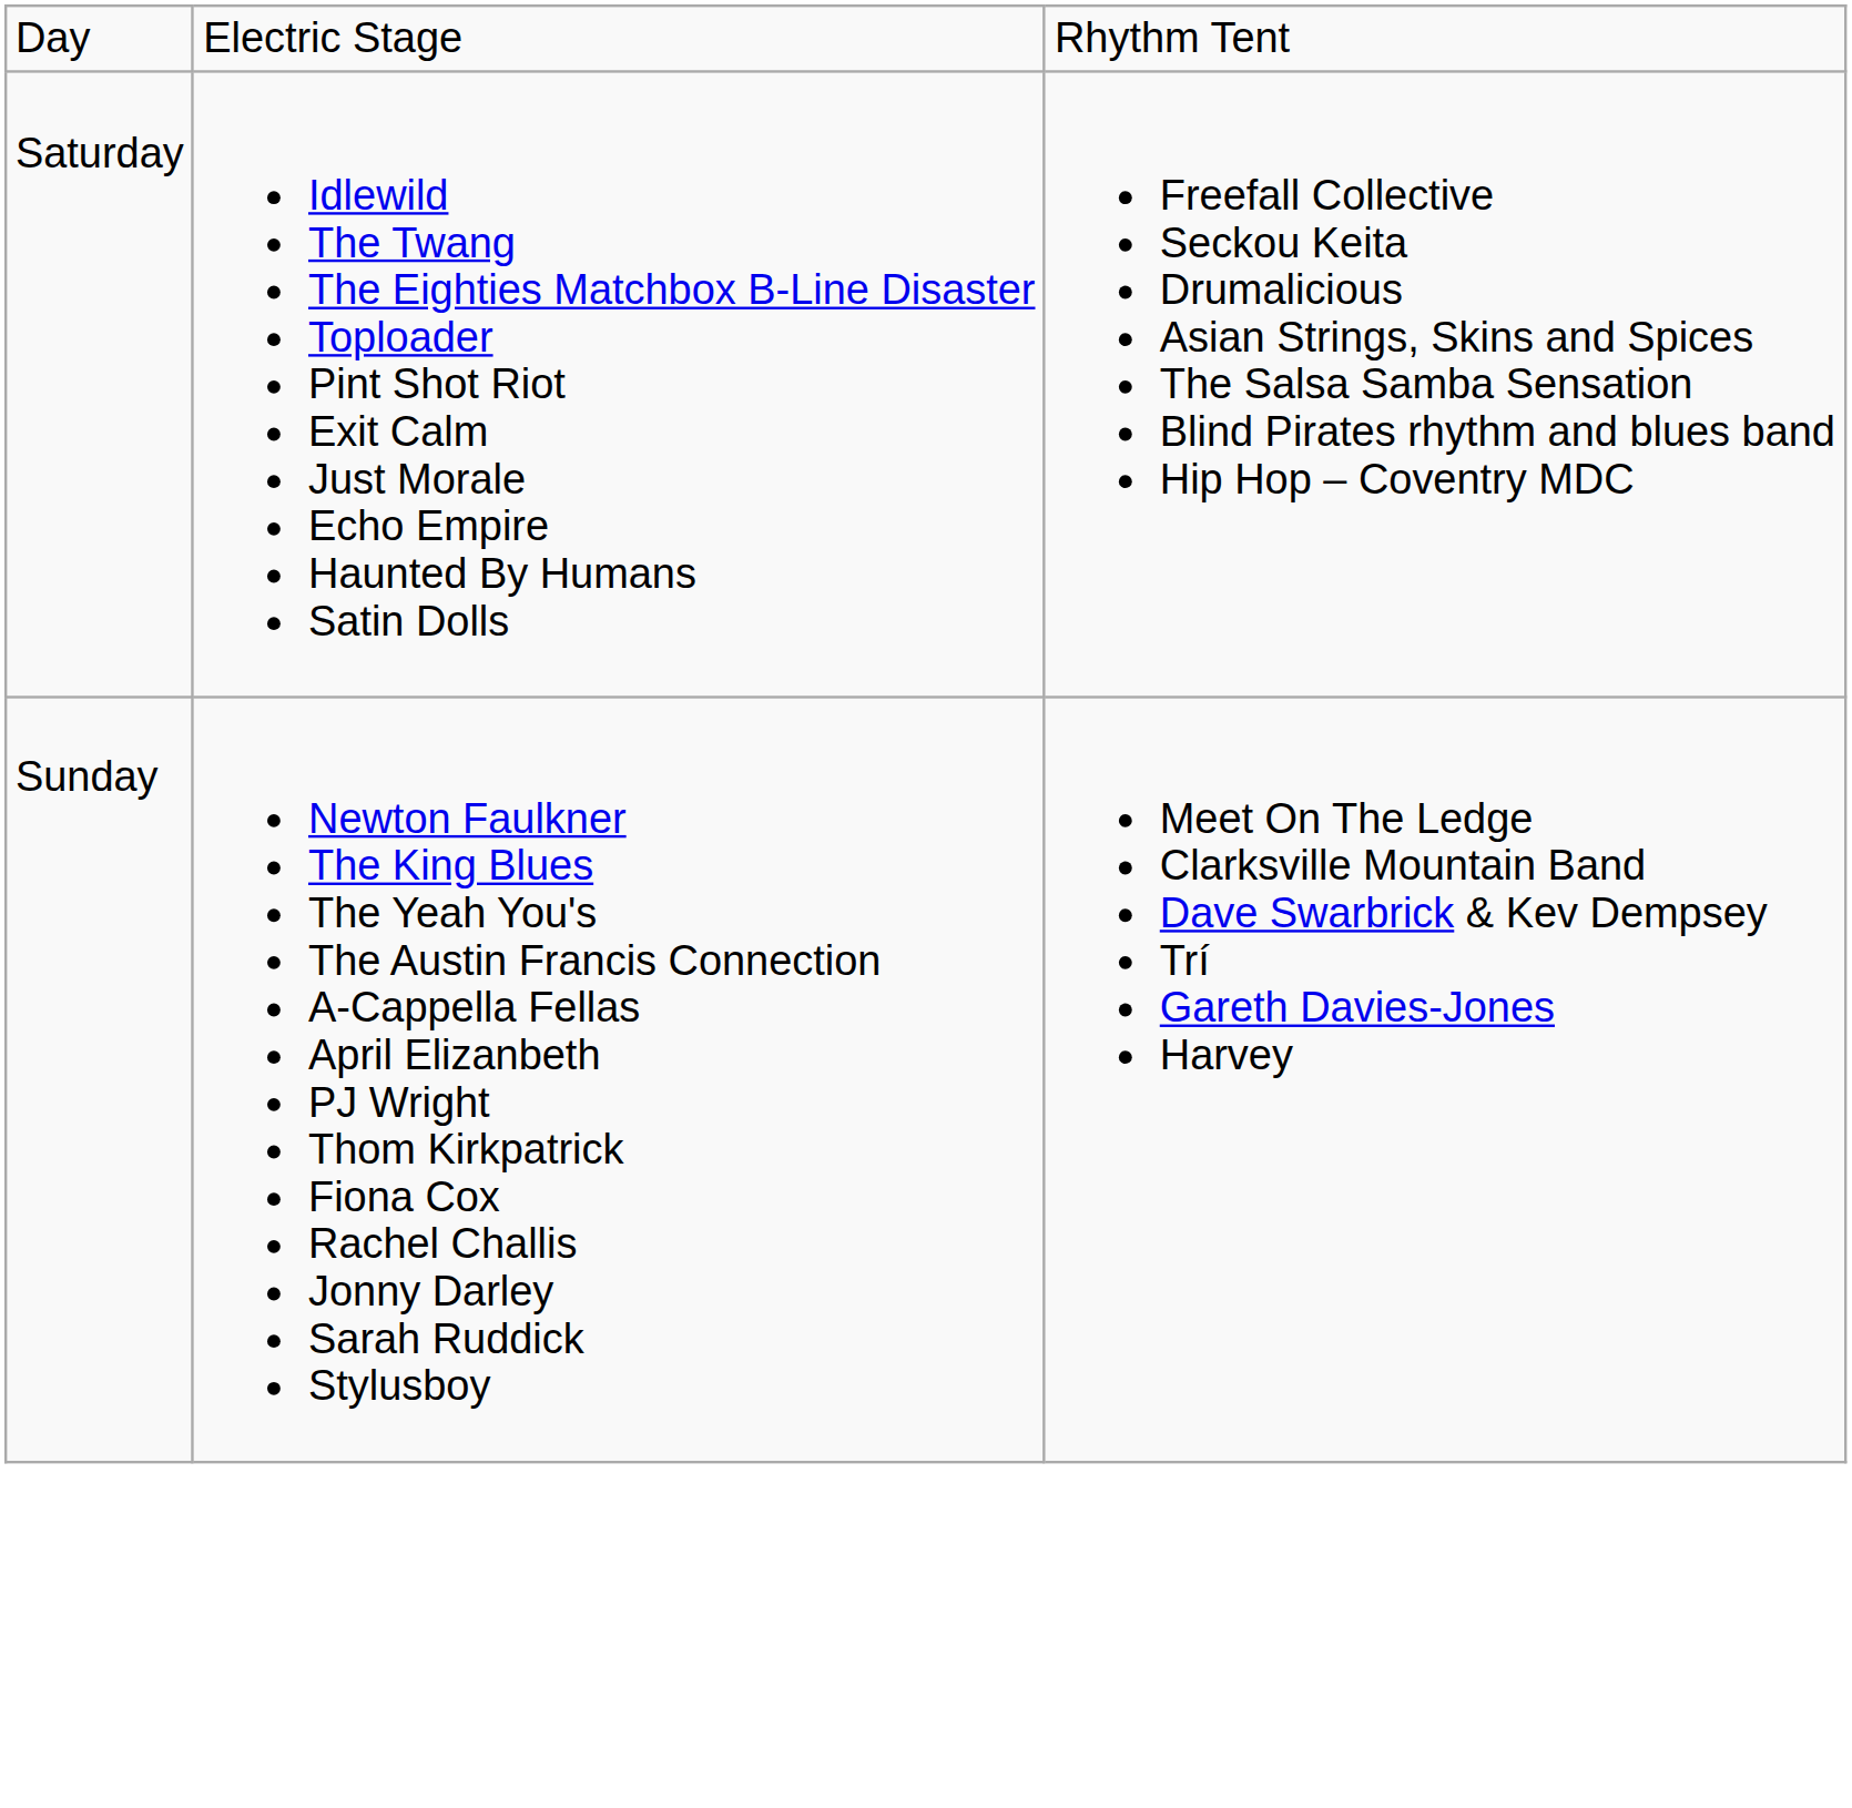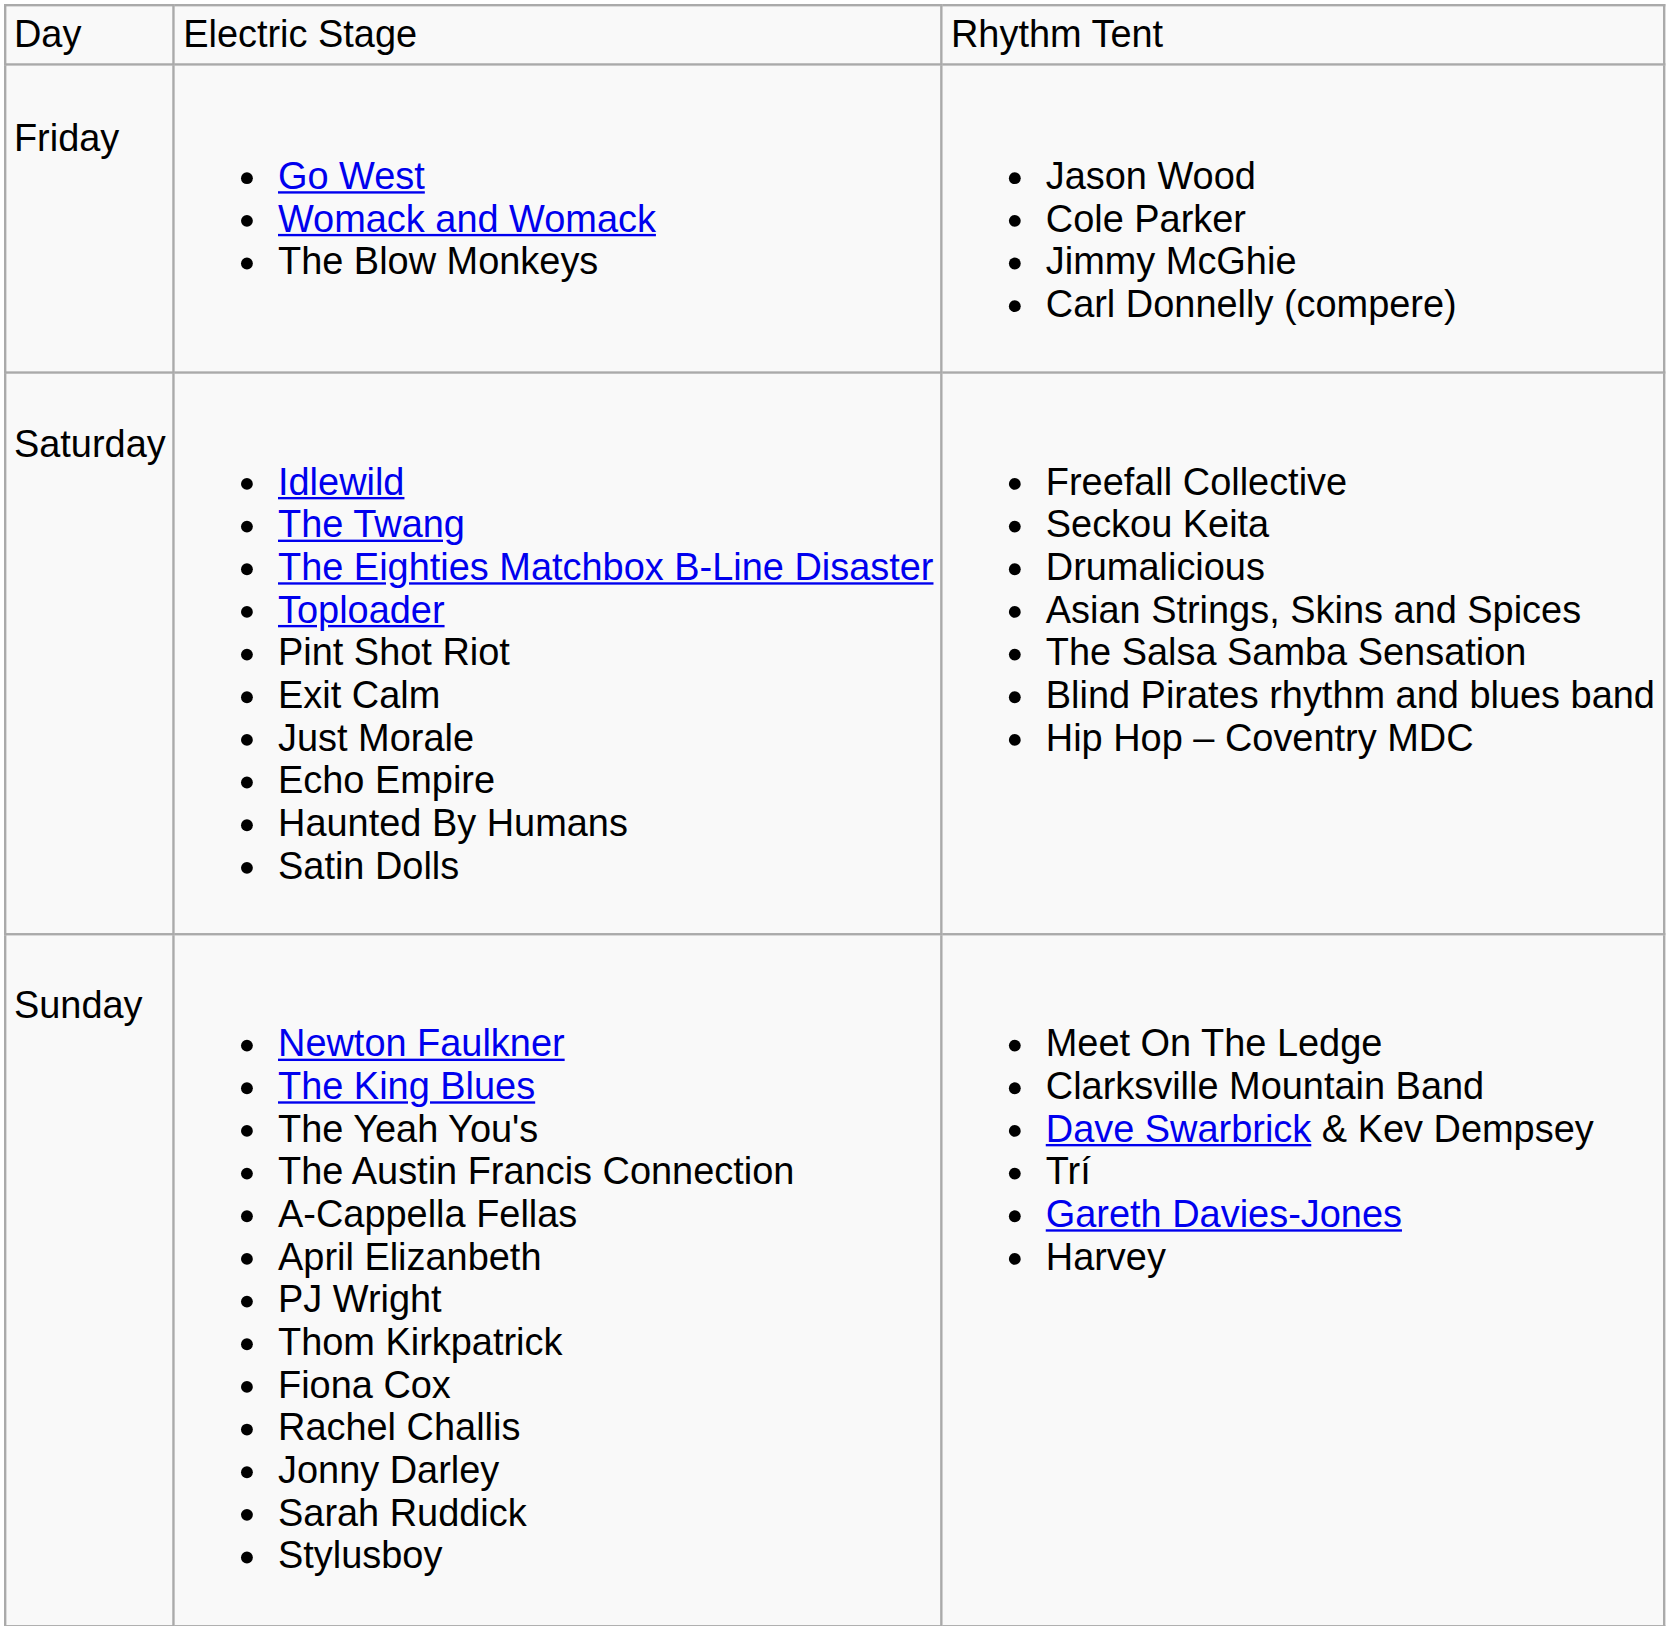 <table class="wikitable">
 <tr>
 <td>Day</td>
 <td>Electric Stage</td>
 <td>Rhythm Tent</td>
+</tr>
+<tr valign="top">
+<td><br>Friday</td>
+<td><br><ul><li><a href='#'>Go West</a></li><li><a href='#'>Womack and Womack</a></li><li>The Blow Monkeys</li></ul></td>
+<td><br><ul><li>Jason Wood</li><li>Cole Parker</li><li>Jimmy McGhie</li><li>Carl Donnelly (compere)</li></ul></td>
 </tr>
 <tr valign="top">
 <td><br>Saturday</td>
 <td><br><ul><li><a href='#'>Idlewild</a></li><li><a href='#'>The Twang</a></li><li><a href='#'>The Eighties Matchbox B-Line Disaster</a></li><li><a href='#'>Toploader</a></li><li>Pint Shot Riot</li><li>Exit Calm</li><li>Just Morale</li><li>Echo Empire</li><li>Haunted By Humans</li><li>Satin Dolls</li></ul></td>
 <td><br><ul><li>Freefall Collective</li><li>Seckou Keita</li><li>Drumalicious</li><li>Asian Strings, Skins and Spices</li><li>The Salsa Samba Sensation</li><li>Blind Pirates rhythm and blues band</li><li>Hip Hop – Coventry MDC</li></ul></td>
 </tr>
 <tr valign="top">
 <td><br>Sunday</td>
 <td><br><ul><li><a href='#'>Newton Faulkner</a></li><li><a href='#'>The King Blues</a></li><li>The Yeah You's</li><li>The Austin Francis Connection</li><li>A-Cappella Fellas</li><li>April Elizanbeth</li><li>PJ Wright</li><li>Thom Kirkpatrick</li><li>Fiona Cox</li><li>Rachel Challis</li><li>Jonny Darley</li><li>Sarah Ruddick</li><li>Stylusboy</li></ul></td>
 <td><br><ul><li>Meet On The Ledge</li><li>Clarksville Mountain Band</li><li><a href='#'>Dave Swarbrick</a> & Kev Dempsey</li><li>Trí</li><li><a href='#'>Gareth Davies-Jones</a></li><li>Harvey</li></ul></td>
 </tr>
 </table>
